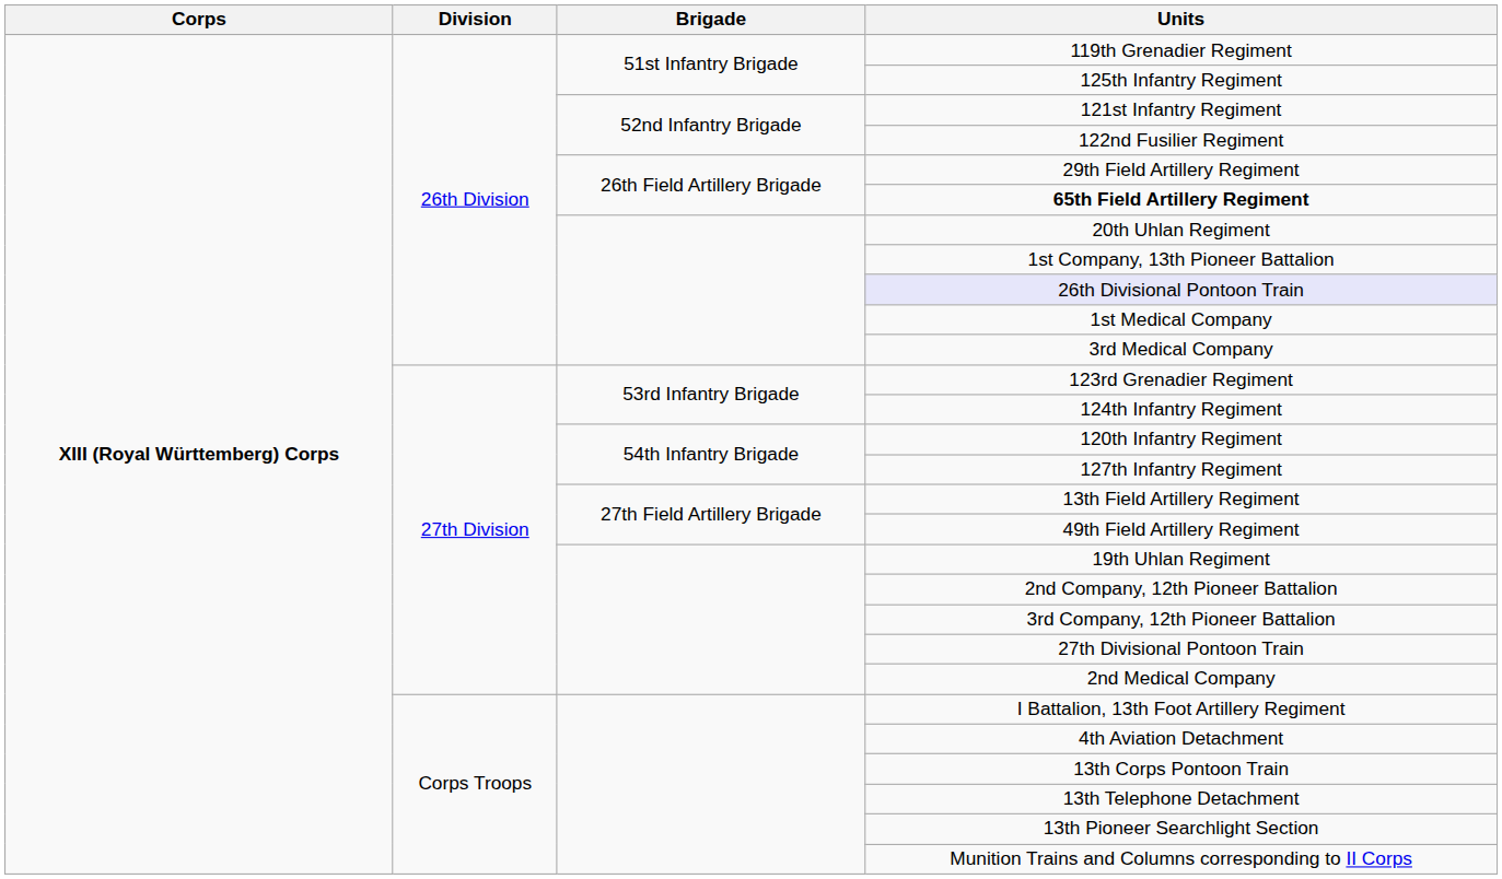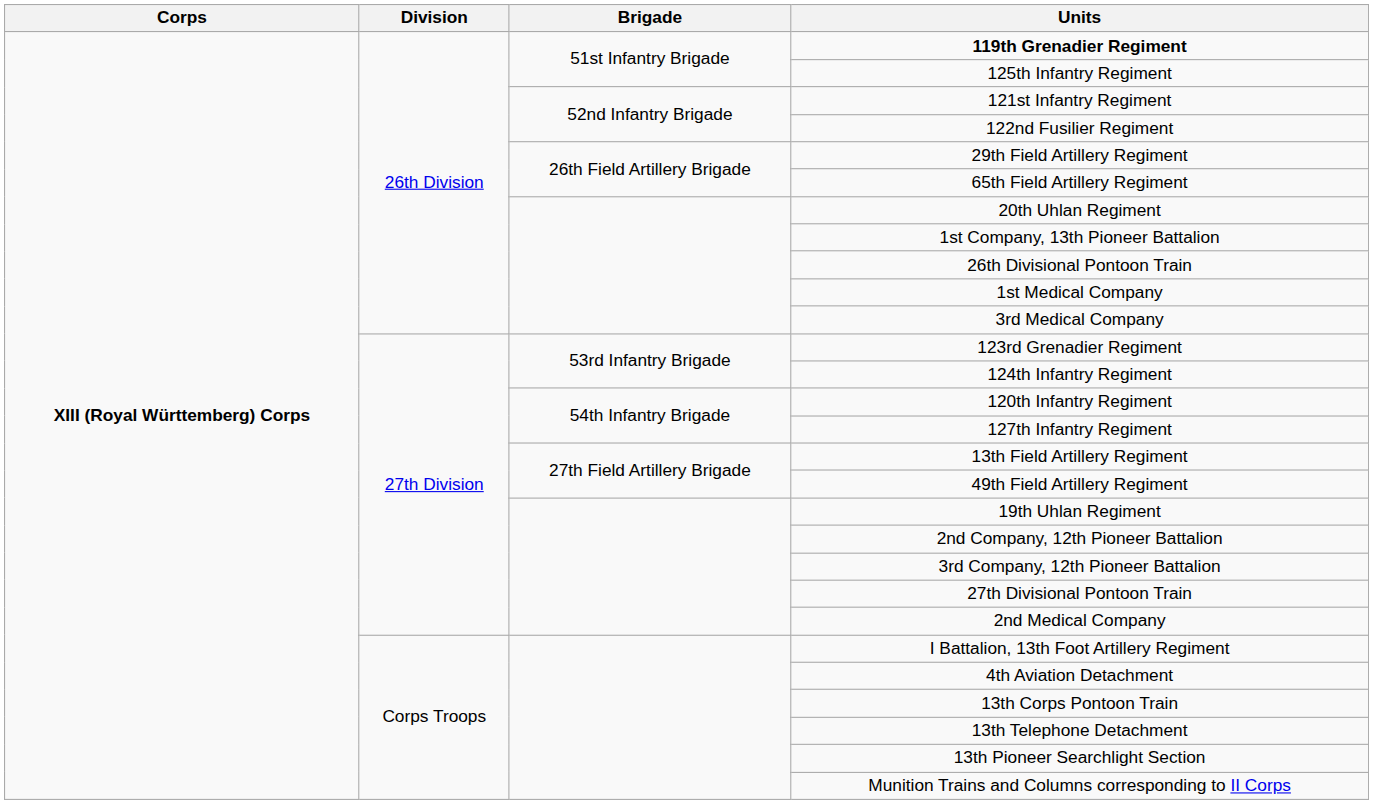 <table class="wikitable collapsible collapsed" style="text-align:center; width:100%;">
 <tr>
 <th>Corps</th>
 <th>Division</th>
 <th>Brigade</th>
 <th>Units</th>
 </tr>
 <tr>
 <td ROWSPAN=28><strong>XIII (Royal Württemberg) Corps</strong></td>
 <td ROWSPAN=11><a href='#'>26th Division</a></td>
 <td ROWSPAN=2>51st Infantry Brigade</td>
-<td>119th Grenadier Regiment</td>
+<td><strong>119th Grenadier Regiment</strong></td>
 </tr>
 <tr>
 <td>125th Infantry Regiment</td>
 </tr>
 <tr>
 <td ROWSPAN=2>52nd Infantry Brigade</td>
 <td>121st Infantry Regiment</td>
 </tr>
 <tr>
 <td>122nd Fusilier Regiment</td>
 </tr>
 <tr>
 <td ROWSPAN=2>26th Field Artillery Brigade</td>
 <td>29th Field Artillery Regiment</td>
 </tr>
 <tr>
-<td><strong>65th Field Artillery Regiment</strong></td>
+<td>65th Field Artillery Regiment</td>
 </tr>
 <tr>
 <td ROWSPAN=5></td>
 <td>20th Uhlan Regiment</td>
 </tr>
 <tr>
 <td>1st Company, 13th Pioneer Battalion</td>
 </tr>
 <tr>
-<td style="background: lavender;">26th Divisional Pontoon Train</td>
+<td>26th Divisional Pontoon Train</td>
 </tr>
 <tr>
 <td>1st Medical Company</td>
 </tr>
 <tr>
 <td>3rd Medical Company</td>
 </tr>
 <tr>
 <td ROWSPAN=11><a href='#'>27th Division</a></td>
 <td ROWSPAN=2>53rd Infantry Brigade</td>
 <td>123rd Grenadier Regiment</td>
 </tr>
 <tr>
 <td>124th Infantry Regiment</td>
 </tr>
 <tr>
 <td ROWSPAN=2>54th Infantry Brigade</td>
 <td>120th Infantry Regiment</td>
 </tr>
 <tr>
 <td>127th Infantry Regiment</td>
 </tr>
 <tr>
 <td ROWSPAN=2>27th Field Artillery Brigade</td>
 <td>13th Field Artillery Regiment</td>
 </tr>
 <tr>
 <td>49th Field Artillery Regiment</td>
 </tr>
 <tr>
 <td ROWSPAN=5></td>
 <td>19th Uhlan Regiment</td>
 </tr>
 <tr>
 <td>2nd Company, 12th Pioneer Battalion</td>
 </tr>
 <tr>
 <td>3rd Company, 12th Pioneer Battalion</td>
 </tr>
 <tr>
 <td>27th Divisional Pontoon Train</td>
 </tr>
 <tr>
 <td>2nd Medical Company</td>
 </tr>
 <tr>
 <td ROWSPAN=6>Corps Troops</td>
 <td ROWSPAN=6></td>
 <td>I Battalion, 13th Foot Artillery Regiment</td>
 </tr>
 <tr>
 <td>4th Aviation Detachment</td>
 </tr>
 <tr>
 <td>13th Corps Pontoon Train</td>
 </tr>
 <tr>
 <td>13th Telephone Detachment</td>
 </tr>
 <tr>
 <td>13th Pioneer Searchlight Section</td>
 </tr>
 <tr>
 <td>Munition Trains and Columns corresponding to <a href='#'>II Corps</a></td>
 </tr>
 </table>
